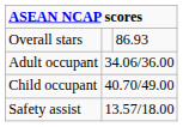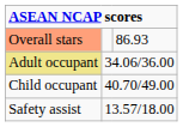 <table class="wikitable">
 <tr>
 <td colspan="3"><strong><a href='#'>ASEAN NCAP</a> scores</strong></td>
 </tr>
 <tr>
-<td>Overall stars</td>
+<td style="background: lightsalmon;">Overall stars</td>
 <td></td>
 <td>86.93</td>
 </tr>
 <tr>
-<td>Adult occupant</td>
+<td style="background: khaki;">Adult occupant</td>
 <td colspan="2">34.06/36.00</td>
 </tr>
 <tr>
 <td>Child occupant</td>
 <td colspan="2">40.70/49.00</td>
 </tr>
 <tr>
 <td>Safety assist</td>
 <td colspan="2">13.57/18.00</td>
 </tr>
 </table>
